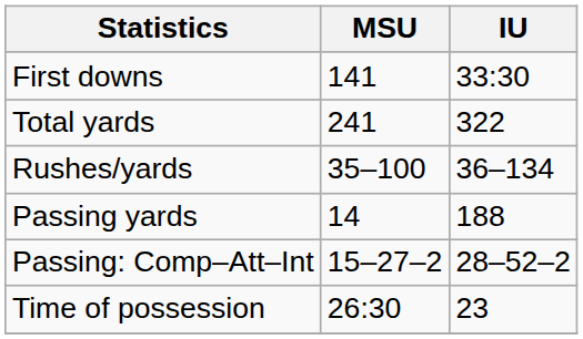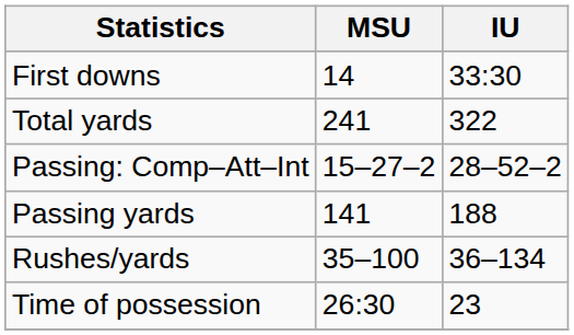 <table class="wikitable" style="float: left;">
 <tr>
 <th>Statistics</th>
 <th>MSU</th>
 <th>IU</th>
 </tr>
 <tr>
 <td>First downs</td>
-<td>141</td>
+<td>14</td>
 <td>33:30</td>
 </tr>
 <tr>
 <td>Total yards</td>
 <td>241</td>
 <td>322</td>
 </tr>
 <tr>
+<td>Passing: Comp–Att–Int</td>
+<td>15–27–2</td>
+<td>28–52–2</td>
+</tr>
+<tr>
+<td>Passing yards</td>
+<td>141</td>
+<td>188</td>
+</tr>
+<tr>
 <td>Rushes/yards</td>
 <td>35–100</td>
 <td>36–134</td>
-</tr>
-<tr>
-<td>Passing yards</td>
-<td>14</td>
-<td>188</td>
-</tr>
-<tr>
-<td>Passing: Comp–Att–Int</td>
-<td>15–27–2</td>
-<td>28–52–2</td>
 </tr>
 <tr>
 <td>Time of possession</td>
 <td>26:30</td>
 <td>23</td>
 </tr>
 <tr>
 </tr>
 </table>
